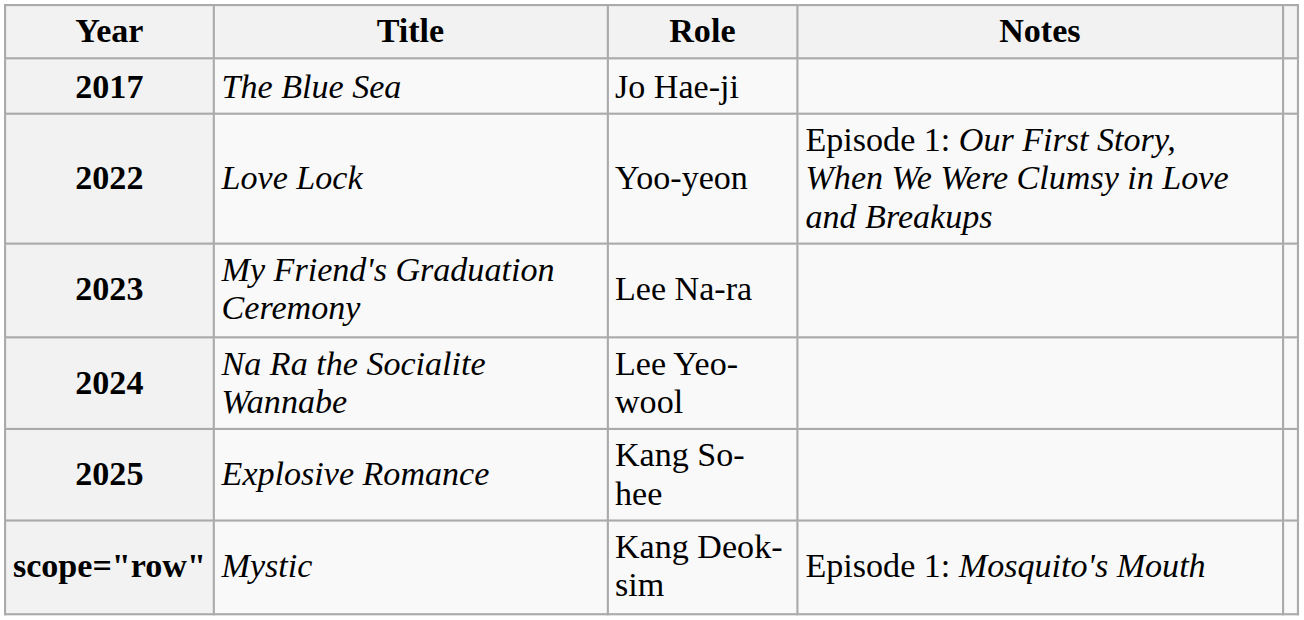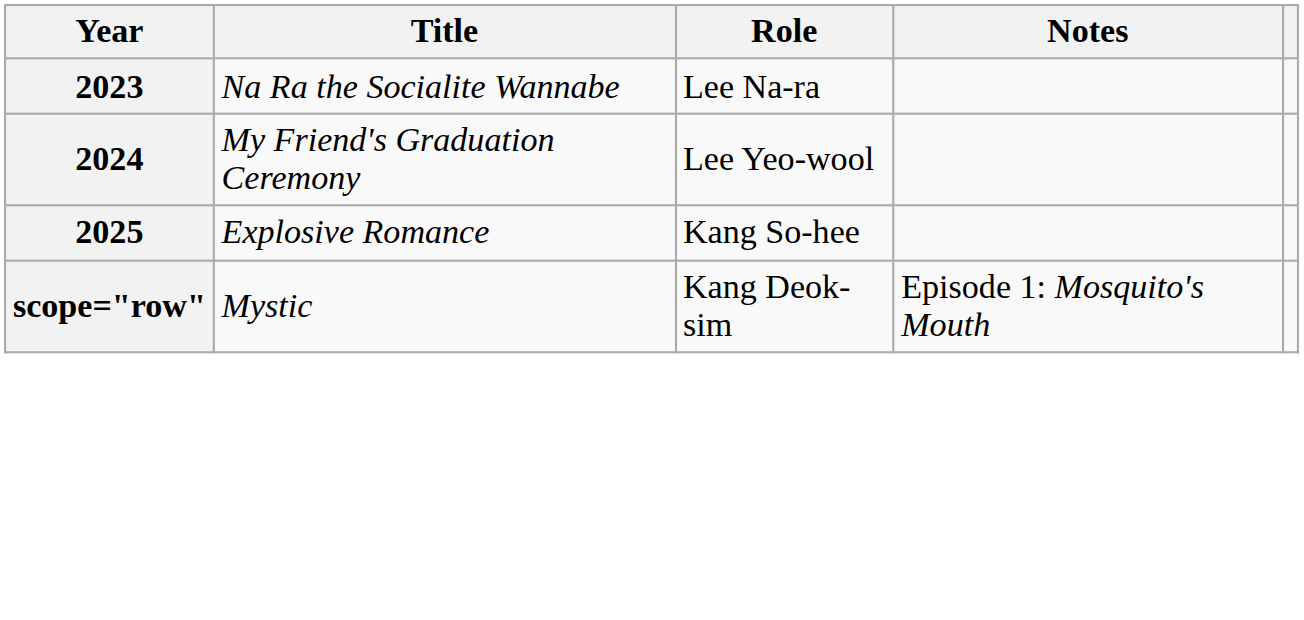 <table class="wikitable plainrowheaders">
 <tr>
 <th scope="col">Year</th>
 <th scope="col">Title</th>
 <th scope="col">Role</th>
 <th scope="col">Notes</th>
 <th scope="col"></th>
 </tr>
 <tr>
-<th scope="row">2017</th>
-<td><em>The Blue Sea</em></td>
-<td>Jo Hae-ji</td>
-<td></td>
-<td style="text-align:center"></td>
-</tr>
-<tr>
-<th scope="row">2022</th>
-<td><em>Love Lock</em></td>
-<td>Yoo-yeon</td>
-<td>Episode 1: <em>Our First Story,<br>When We Were Clumsy in Love and Breakups</em></td>
-<td style="text-align:center"></td>
-</tr>
-<tr>
 <th scope="row">2023</th>
-<td><em>My Friend's Graduation Ceremony</em></td>
+<td><em>Na Ra the Socialite Wannabe</em></td>
 <td>Lee Na-ra</td>
 <td></td>
 <td style="text-align:center"></td>
 </tr>
 <tr>
 <th scope="row">2024</th>
-<td><em>Na Ra the Socialite Wannabe</em></td>
+<td><em>My Friend's Graduation Ceremony</em></td>
 <td>Lee Yeo-wool</td>
 <td></td>
 <td style="text-align:center"></td>
 </tr>
 <tr>
 <th scope="row">2025</th>
 <td><em>Explosive Romance</em></td>
 <td>Kang So-hee</td>
 <td></td>
 <td style="text-align:center"></td>
 </tr>
 <tr>
 <th>scope="row" </th>
 <td><em>Mystic</em></td>
 <td>Kang Deok-sim</td>
 <td>Episode 1: <em>Mosquito's Mouth</em></td>
 <td style="text-align:center"></td>
 </tr>
 </table>
